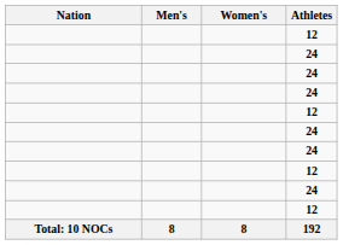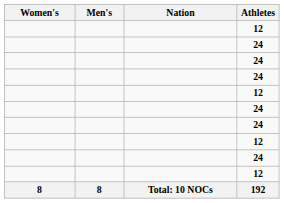 <table class="wikitable sortable" width=405 style="text-align:center; font-size:90%">
 <tr>
+<th>Women's</th>
+<th>Men's</th>
 <th>Nation</th>
-<th>Men's</th>
-<th>Women's</th>
 <th width=55>Athletes</th>
 </tr>
 <tr>
-<td style="text-align:left;"></td>
 <td></td>
 <td></td>
+<td style="text-align:left;"></td>
 <td><strong>12</strong></td>
 </tr>
 <tr>
-<td style="text-align:left;"></td>
 <td></td>
 <td></td>
+<td style="text-align:left;"></td>
 <td><strong>24</strong></td>
 </tr>
 <tr>
-<td style="text-align:left;"></td>
 <td></td>
 <td></td>
+<td style="text-align:left;"></td>
 <td><strong>24</strong></td>
 </tr>
 <tr>
-<td style="text-align:left;"></td>
 <td></td>
 <td></td>
+<td style="text-align:left;"></td>
 <td><strong>24</strong></td>
 </tr>
 <tr>
-<td style="text-align:left;"></td>
 <td></td>
 <td></td>
+<td style="text-align:left;"></td>
 <td><strong>12</strong></td>
 </tr>
 <tr>
-<td style="text-align:left;"></td>
 <td></td>
 <td></td>
+<td style="text-align:left;"></td>
 <td><strong>24</strong></td>
 </tr>
 <tr>
-<td style="text-align:left;"></td>
 <td></td>
 <td></td>
+<td style="text-align:left;"></td>
 <td><strong>24</strong></td>
 </tr>
 <tr>
-<td style="text-align:left;"></td>
 <td></td>
 <td></td>
+<td style="text-align:left;"></td>
 <td><strong>12</strong></td>
 </tr>
 <tr>
-<td style="text-align:left;"></td>
 <td></td>
 <td></td>
+<td style="text-align:left;"></td>
 <td><strong>24</strong></td>
 </tr>
 <tr>
-<td style="text-align:left;"></td>
 <td></td>
 <td></td>
+<td style="text-align:left;"></td>
 <td><strong>12</strong></td>
 </tr>
 <tr>
-<th>Total: 10 NOCs</th>
 <th>8</th>
 <th>8</th>
+<th>Total: 10 NOCs</th>
 <th>192</th>
 </tr>
 </table>
